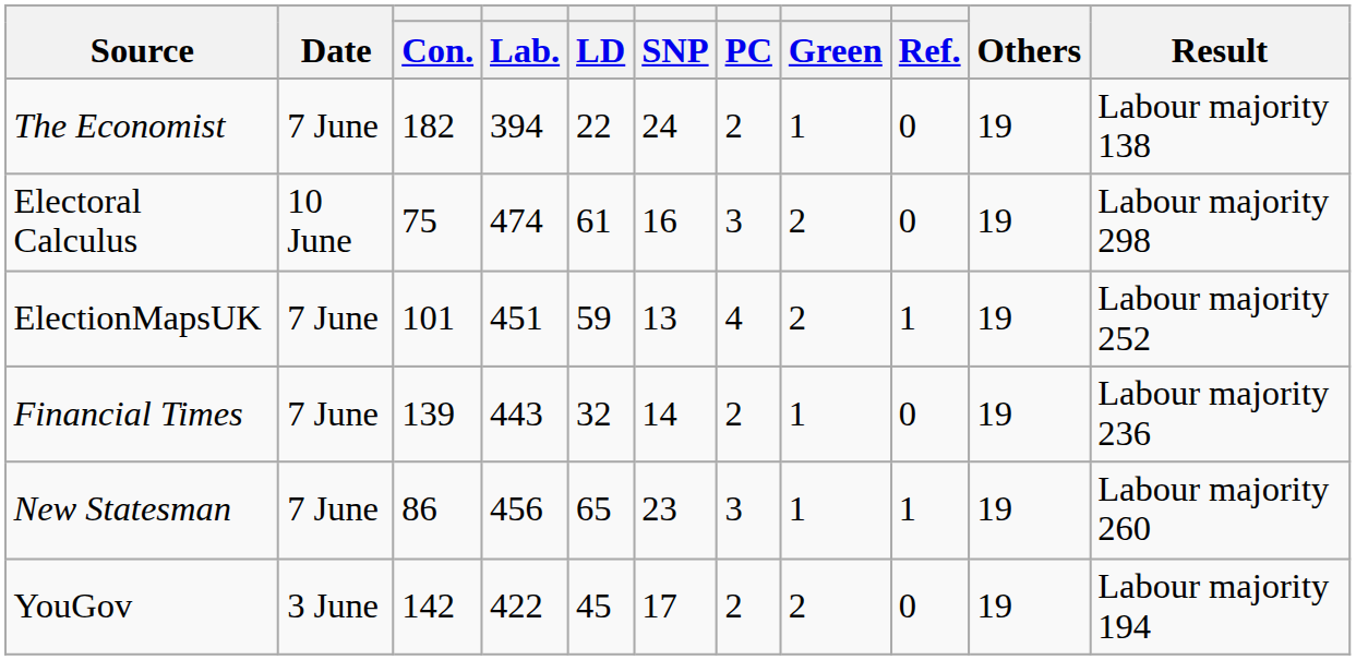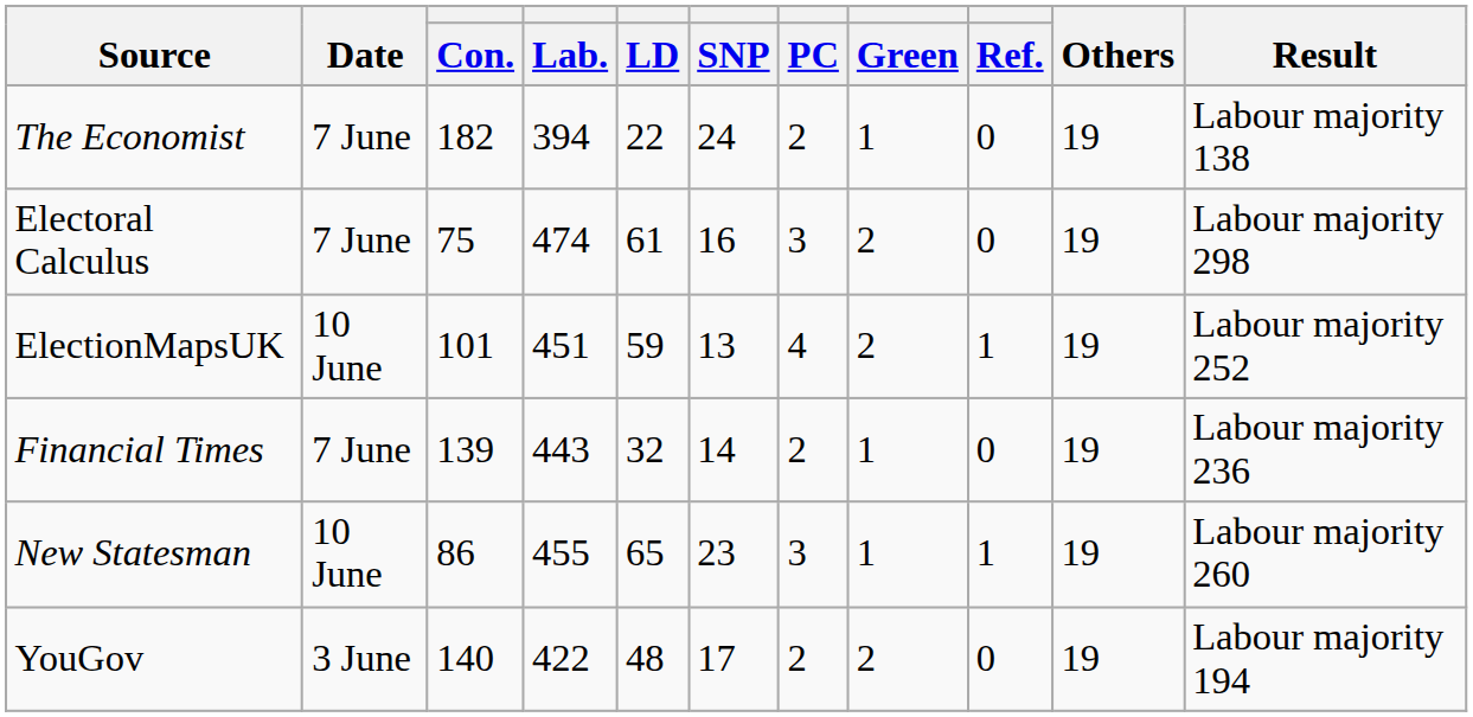 <table class="wikitable sortable mw-collapsible">
 <tr style="vertical-align:bottom;">
 <th rowspan=2>Source</th>
 <th rowspan=2>Date</th>
 <th style="background:"></th>
 <th style="background:"></th>
 <th style="background:"></th>
 <th style="background:"></th>
 <th style="background:"></th>
 <th style="background:"></th>
 <th style="background:"></th>
 <th rowspan=2>Others</th>
 <th rowspan=2>Result</th>
 </tr>
 <tr style="vertical-align:bottom;">
 <th><a href='#'>Con.</a></th>
 <th><a href='#'>Lab.</a></th>
 <th><a href='#'>LD</a></th>
 <th><a href='#'>SNP</a></th>
 <th><a href='#'>PC</a></th>
 <th><a href='#'>Green</a></th>
 <th><a href='#'>Ref.</a></th>
 </tr>
 <tr>
 <td><em>The Economist</em></td>
 <td>7 June</td>
 <td>182</td>
 <td>394</td>
 <td>22</td>
 <td>24</td>
 <td>2</td>
 <td>1</td>
 <td>0</td>
 <td>19</td>
 <td>Labour majority 138</td>
 </tr>
 <tr>
 <td>Electoral Calculus</td>
-<td>10 June</td>
+<td>7 June</td>
 <td>75</td>
 <td>474</td>
 <td>61</td>
 <td>16</td>
 <td>3</td>
 <td>2</td>
 <td>0</td>
 <td>19</td>
 <td>Labour majority 298</td>
 </tr>
 <tr>
 <td>ElectionMapsUK</td>
-<td>7 June</td>
+<td>10 June</td>
 <td>101</td>
 <td>451</td>
 <td>59</td>
 <td>13</td>
 <td>4</td>
 <td>2</td>
 <td>1</td>
 <td>19</td>
 <td>Labour majority 252</td>
 </tr>
 <tr>
 <td><em>Financial Times</em></td>
 <td>7 June</td>
 <td>139</td>
 <td>443</td>
 <td>32</td>
 <td>14</td>
 <td>2</td>
 <td>1</td>
 <td>0</td>
 <td>19</td>
 <td>Labour majority 236</td>
 </tr>
 <tr>
 <td><em>New Statesman</em> </td>
-<td>7 June</td>
+<td>10 June</td>
 <td>86</td>
-<td>456</td>
+<td>455</td>
 <td>65</td>
 <td>23</td>
 <td>3</td>
 <td>1</td>
 <td>1</td>
 <td>19</td>
 <td>Labour majority 260</td>
 </tr>
 <tr>
 <td>YouGov</td>
 <td>3 June</td>
-<td>142</td>
+<td>140</td>
 <td>422</td>
-<td>45</td>
+<td>48</td>
 <td>17</td>
 <td>2</td>
 <td>2</td>
 <td>0</td>
 <td>19</td>
 <td>Labour majority 194</td>
 </tr>
 </table>
